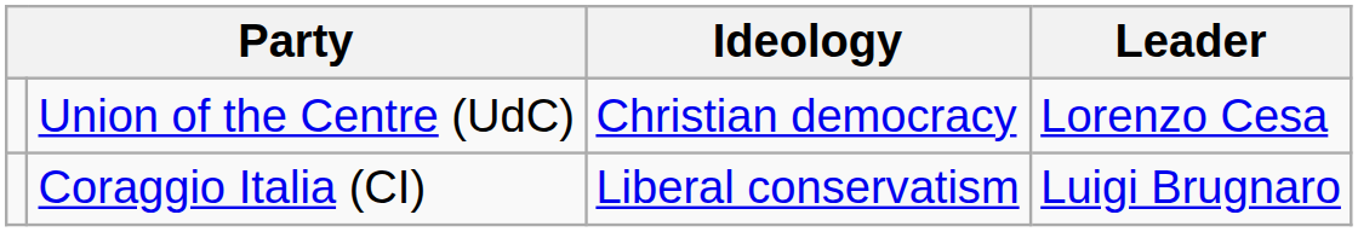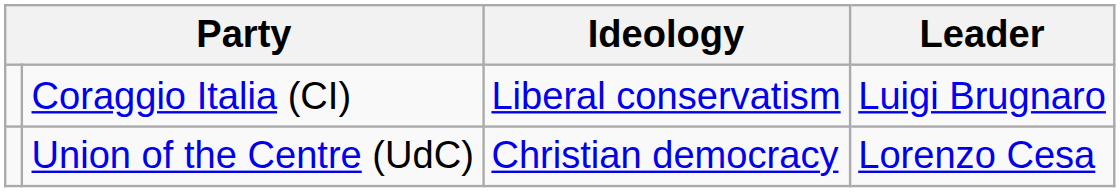 <table class=wikitable  style=text-align:left>
 <tr>
 <th colspan=2>Party</th>
 <th>Ideology</th>
 <th>Leader</th>
 </tr>
 <tr>
 <td></td>
+<td><a href='#'>Coraggio Italia</a> (CI)</td>
+<td><a href='#'>Liberal conservatism</a></td>
+<td><a href='#'>Luigi Brugnaro</a></td>
+</tr>
+<tr>
+<td></td>
 <td><a href='#'>Union of the Centre</a> (UdC)</td>
 <td><a href='#'>Christian democracy</a></td>
 <td><a href='#'>Lorenzo Cesa</a></td>
 </tr>
-<tr>
-<td></td>
-<td><a href='#'>Coraggio Italia</a> (CI)</td>
-<td><a href='#'>Liberal conservatism</a></td>
-<td><a href='#'>Luigi Brugnaro</a></td>
-</tr>
 </table>
